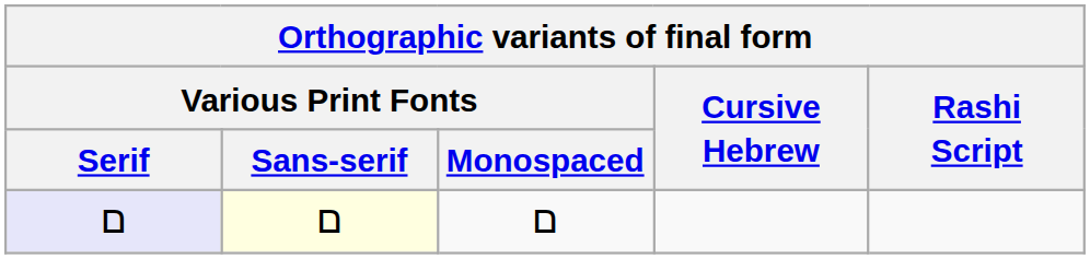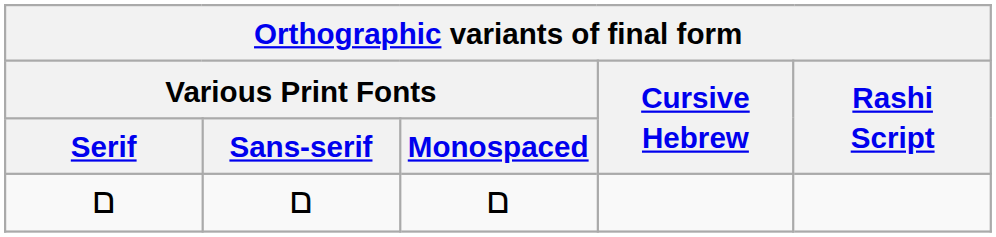 <table class=wikitable style="text-align:center;">
 <tr>
 <th colspan=5><small><a href='#'>Orthographic</a> variants of final form</small></th>
 </tr>
 <tr>
 <th colspan=3><small>Various Print Fonts</small></th>
 <th rowspan=2><small><a href='#'>Cursive<br>Hebrew</a></small></th>
 <th rowspan=2><small><a href='#'>Rashi<br>Script</a></small></th>
 </tr>
 <tr>
 <th><small><a href='#'>Serif</a></small></th>
 <th><small><a href='#'>Sans-serif</a></small></th>
 <th><small><a href='#'>Monospaced</a></small></th>
 </tr>
 <tr>
-<td width=20% style="background: lavender;"><span>ם</span></td>
-<td width=20% style="background: lightyellow;"><span>ם</span></td>
+<td width=20%><span>ם</span></td>
+<td width=20%><span>ם</span></td>
 <td width=20%><span>ם</span></td>
 <td width=20%></td>
 <td width=20%></td>
 </tr>
 </table>
